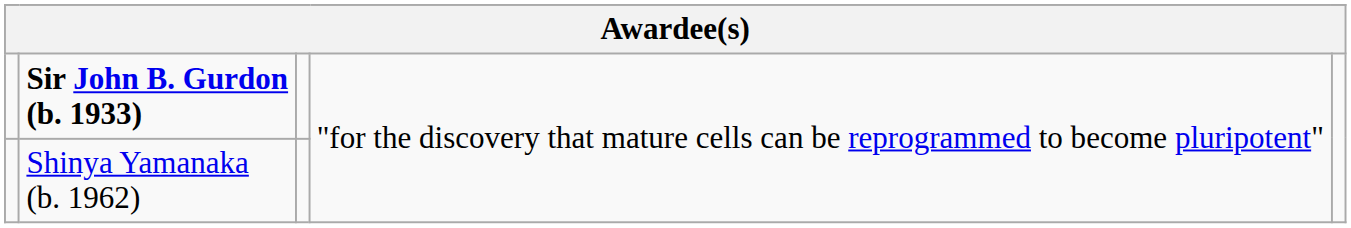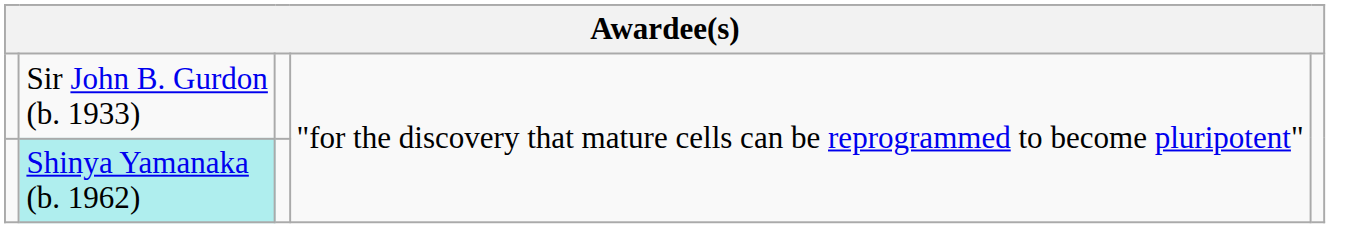 <table class="wikitable">
 <tr>
 <th colspan="5">Awardee(s)</th>
 </tr>
 <tr>
 <td></td>
-<td><strong>Sir <a href='#'>John B. Gurdon</a><br>(b. 1933)</strong></td>
+<td>Sir <a href='#'>John B. Gurdon</a><br>(b. 1933)</td>
 <td></td>
 <td rowspan="2">"for the discovery that mature cells can be <a href='#'>reprogrammed</a> to become <a href='#'>pluripotent</a>"</td>
 <td rowspan="2"></td>
 </tr>
 <tr>
 <td></td>
-<td><a href='#'>Shinya Yamanaka</a><br>(b. 1962)</td>
+<td style="background: paleturquoise;"><a href='#'>Shinya Yamanaka</a><br>(b. 1962)</td>
 <td></td>
 </tr>
 </table>
